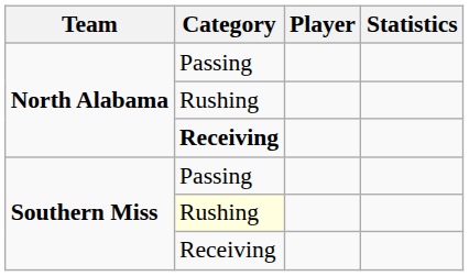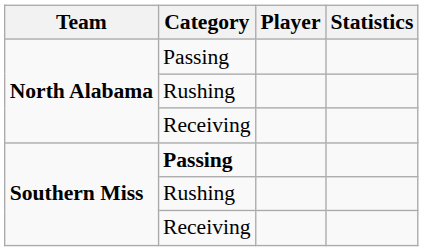 <table class="wikitable" style="float: left;">
 <tr>
 <th>Team</th>
 <th>Category</th>
 <th>Player</th>
 <th>Statistics</th>
 </tr>
 <tr>
 <td rowspan=3><strong>North Alabama</strong></td>
 <td>Passing</td>
 <td> </td>
 <td> </td>
 </tr>
 <tr>
 <td>Rushing</td>
 <td> </td>
 <td> </td>
 </tr>
 <tr>
-<td><strong>Receiving</strong></td>
+<td>Receiving</td>
 <td> </td>
 <td> </td>
 </tr>
 <tr>
 <td rowspan=3><strong>Southern Miss</strong></td>
-<td>Passing</td>
+<td><strong>Passing</strong></td>
 <td> </td>
 <td> </td>
 </tr>
 <tr>
-<td style="background: lightyellow;">Rushing</td>
+<td>Rushing</td>
 <td> </td>
 <td> </td>
 </tr>
 <tr>
 <td>Receiving</td>
 <td> </td>
 <td> </td>
 </tr>
 </table>
